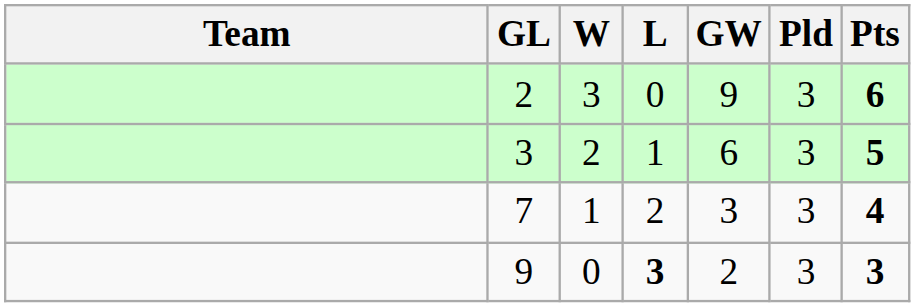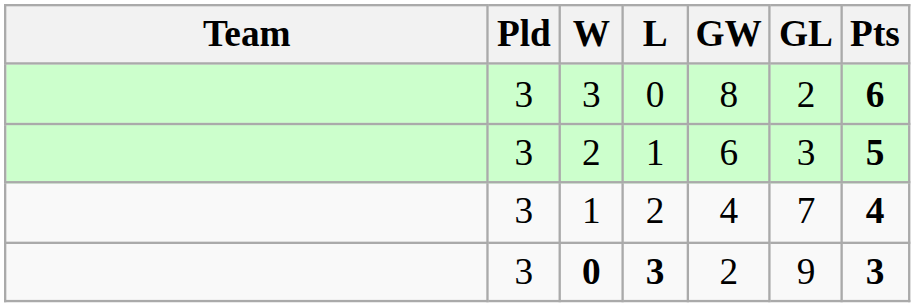 <table class="wikitable" style="text-align:center">
 <tr>
 <th width=200>Team</th>
-<th width=20>GL</th>
+<th width=20>Pld</th>
 <th width=20>W</th>
 <th width=20>L</th>
 <th width=20>GW</th>
-<th width=20>Pld</th>
+<th width=20>GL</th>
 <th width=20>Pts</th>
 </tr>
 <tr bgcolor=ccffcc>
 <td style="text-align:left;"></td>
-<td>2</td>
+<td>3</td>
 <td>3</td>
 <td>0</td>
-<td>9</td>
-<td>3</td>
+<td>8</td>
+<td>2</td>
 <td><strong>6</strong></td>
 </tr>
 <tr bgcolor=ccffcc>
 <td style="text-align:left;"></td>
 <td>3</td>
 <td>2</td>
 <td>1</td>
 <td>6</td>
 <td>3</td>
 <td><strong>5</strong></td>
 </tr>
 <tr>
 <td style="text-align:left;"></td>
-<td>7</td>
+<td>3</td>
 <td>1</td>
 <td>2</td>
-<td>3</td>
-<td>3</td>
+<td>4</td>
+<td>7</td>
 <td><strong>4</strong></td>
 </tr>
 <tr>
 <td style="text-align:left;"></td>
-<td>9</td>
-<td>0</td>
+<td>3</td>
+<td><strong>0</strong></td>
 <td><strong>3</strong></td>
 <td>2</td>
-<td>3</td>
+<td>9</td>
 <td><strong>3</strong></td>
 </tr>
 </table>
